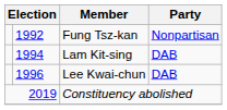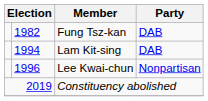 <table class="wikitable">
 <tr>
 <th colspan="2">Election</th>
 <th>Member</th>
 <th>Party</th>
 </tr>
 <tr>
 <td style="background-color: "></td>
-<td><a href='#'>1992</a></td>
+<td><a href='#'>1982</a></td>
 <td>Fung Tsz-kan</td>
-<td><a href='#'>Nonpartisan</a></td>
+<td><a href='#'>DAB</a></td>
 </tr>
 <tr>
 <td style="background-color: "></td>
 <td><a href='#'>1994</a></td>
 <td>Lam Kit-sing</td>
 <td><a href='#'>DAB</a></td>
 </tr>
 <tr>
 <td style="background-color: "></td>
 <td><a href='#'>1996</a></td>
 <td>Lee Kwai-chun</td>
-<td><a href='#'>DAB</a></td>
+<td><a href='#'>Nonpartisan</a></td>
 </tr>
 <tr>
 <td colspan=2 align=right><a href='#'>2019</a></td>
 <td colspan=2><em>Constituency abolished</em></td>
 </tr>
 <tr>
 </tr>
 </table>
